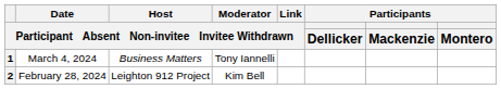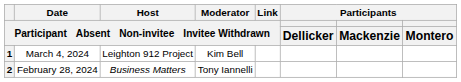 <table class="wikitable" style="text-align:center;">
 <tr style="font-size:small;">
 <th scope="col"></th>
 <th scope="col">Date</th>
 <th scope="col">Host</th>
 <th scope="col">Moderator</th>
 <th scope="col">Link</th>
 <th scope="col" colspan="5">Participants</th>
 </tr>
 <tr>
 <th colspan="5" rowspan="2"> <small>Participant  </small> <small>Absent  </small> <small>Non-invitee  </small> <small>Invitee Withdrawn</small></th>
 <th scope="col" style="background:"></th>
 <th scope="col" style="background:"></th>
 <th scope="col" style="background:"></th>
 </tr>
 <tr>
 <th scope="col">Dellicker</th>
 <th scope="col">Mackenzie</th>
 <th scope="col">Montero</th>
 </tr>
 <tr style="background:#fff; font-size:small;">
 <th scope="row">1</th>
 <td style="white-space:nowrap;">March 4, 2024</td>
-<td style="white-space:nowrap;"><em>Business Matters</em></td>
-<td style="white-space:nowrap;">Tony Iannelli</td>
+<td style="white-space:nowrap;">Leighton 912 Project</td>
+<td style="white-space:nowrap;">Kim Bell</td>
 <td style="white-space:nowrap;"><br></td>
 <td></td>
 <td></td>
 <td></td>
 </tr>
 <tr style="background:#fff; font-size:small;">
 <th scope="row">2</th>
 <td style="white-space:nowrap;">February 28, 2024</td>
-<td style="white-space:nowrap;">Leighton 912 Project</td>
-<td style="white-space:nowrap;">Kim Bell</td>
+<td style="white-space:nowrap;"><em>Business Matters</em></td>
+<td style="white-space:nowrap;">Tony Iannelli</td>
 <td style="white-space:nowrap;"></td>
 <td></td>
 <td></td>
 <td></td>
 </tr>
 </table>
